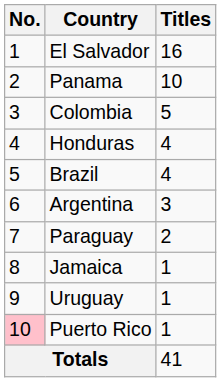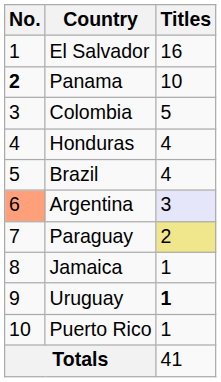 <table class="wikitable">
 <tr>
 <th>No.</th>
 <th>Country</th>
 <th>Titles</th>
 </tr>
 <tr>
 <td>1</td>
 <td> El Salvador</td>
 <td>16</td>
 </tr>
 <tr>
-<td>2</td>
+<td><strong>2</strong></td>
 <td> Panama</td>
 <td>10</td>
 </tr>
 <tr>
 <td>3</td>
 <td> Colombia</td>
 <td>5</td>
 </tr>
 <tr>
 <td>4</td>
 <td> Honduras</td>
 <td>4</td>
 </tr>
 <tr>
 <td>5</td>
 <td> Brazil</td>
 <td>4</td>
 </tr>
 <tr>
-<td>6</td>
+<td style="background: lightsalmon;">6</td>
 <td> Argentina</td>
-<td>3</td>
+<td style="background: lavender;">3</td>
 </tr>
 <tr>
 <td>7</td>
 <td> Paraguay</td>
-<td>2</td>
+<td style="background: khaki;">2</td>
 </tr>
 <tr>
 <td>8</td>
 <td> Jamaica</td>
 <td>1</td>
 </tr>
 <tr>
 <td>9</td>
 <td> Uruguay</td>
-<td>1</td>
+<td><strong>1</strong></td>
 </tr>
 <tr>
-<td style="background: pink;">10</td>
+<td>10</td>
 <td> Puerto Rico</td>
 <td>1</td>
 </tr>
 <tr>
 <th colspan="2">Totals</th>
 <td>41</td>
 </tr>
 </table>
